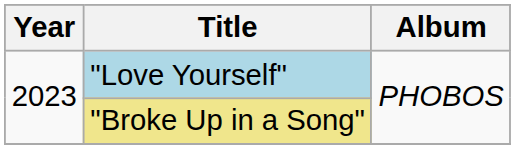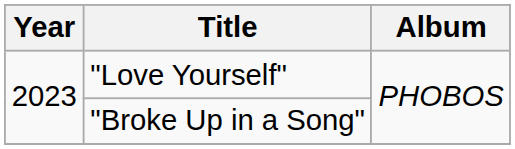 <table class="wikitable">
 <tr>
 <th>Year</th>
 <th>Title</th>
 <th>Album</th>
 </tr>
 <tr>
 <td style="text-align:center;" rowspan="2">2023</td>
-<td style="background: lightblue;">"Love Yourself"</td>
+<td>"Love Yourself"</td>
 <td style="text-align:center;" rowspan="2"><em>PHOBOS</em></td>
 </tr>
 <tr>
-<td style="background: khaki;">"Broke Up in a Song"</td>
+<td>"Broke Up in a Song"</td>
 </tr>
 <tr>
 </tr>
 </table>
